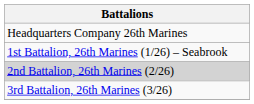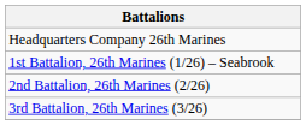 <table class="wikitable" style="text-align: center;">
 <tr>
 <th style="width:20em">Battalions</th>
 </tr>
 <tr>
 <td align="left">Headquarters Company 26th Marines</td>
 </tr>
 <tr>
 <td align="left"><a href='#'>1st Battalion, 26th Marines</a> (1/26) – Seabrook</td>
 </tr>
 <tr>
-<td align="left" style="background: lightgrey;"><a href='#'>2nd Battalion, 26th Marines</a> (2/26)</td>
+<td align="left"><a href='#'>2nd Battalion, 26th Marines</a> (2/26)</td>
 </tr>
 <tr>
 <td align="left"><a href='#'>3rd Battalion, 26th Marines</a> (3/26)</td>
 </tr>
 <tr>
 </tr>
 </table>
